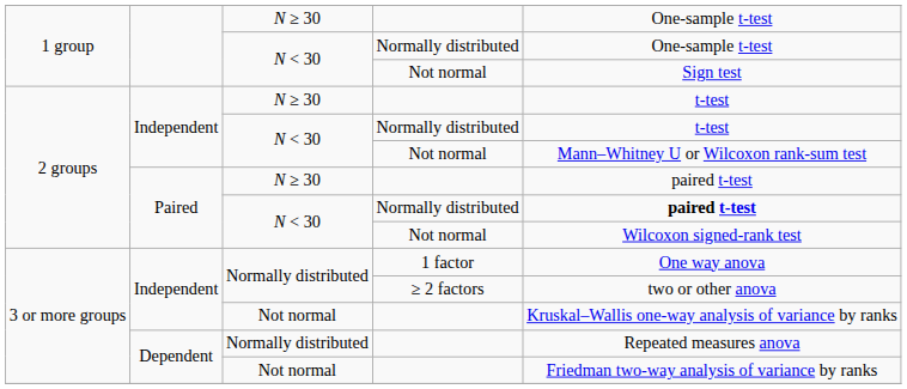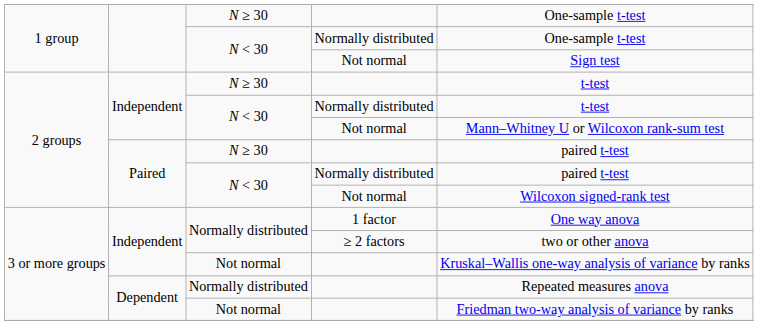 <table class="wikitable">
 <tr>
 </tr>
 <tr>
 <td rowspan="3" align="center">1 group</td>
 <td rowspan="3" align="center"></td>
 <td align="center"><em>N</em> ≥ 30</td>
 <td align="center"></td>
 <td align="center">One-sample <a href='#'>t-test</a></td>
 </tr>
 <tr>
 <td rowspan="2" align="center"><em>N</em> < 30</td>
 <td align="center">Normally distributed</td>
 <td align="center">One-sample <a href='#'>t-test</a></td>
 </tr>
 <tr>
 <td align="center">Not normal</td>
 <td align="center"><a href='#'>Sign test</a></td>
 </tr>
 <tr>
 <td rowspan="6" align="center">2 groups</td>
 <td rowspan="3" align="center">Independent</td>
 <td align="center"><em>N</em> ≥ 30</td>
 <td align="center"></td>
 <td align="center"><a href='#'>t-test</a></td>
 </tr>
 <tr>
 <td rowspan="2" align="center"><em>N</em> < 30</td>
 <td align="center">Normally distributed</td>
 <td align="center"><a href='#'>t-test</a></td>
 </tr>
 <tr>
 <td align="center">Not normal</td>
 <td align="center"><a href='#'>Mann–Whitney U</a> or <a href='#'>Wilcoxon rank-sum test</a></td>
 </tr>
 <tr>
 <td rowspan="3" align="center">Paired</td>
 <td align="center"><em>N</em> ≥ 30</td>
 <td align="center"></td>
 <td align="center">paired <a href='#'>t-test</a></td>
 </tr>
 <tr>
 <td rowspan="2" align="center"><em>N</em> < 30</td>
 <td align="center">Normally distributed</td>
-<td align="center"><strong>paired <a href='#'>t-test</a></strong></td>
+<td align="center">paired <a href='#'>t-test</a></td>
 </tr>
 <tr>
 <td align="center">Not normal</td>
 <td align="center"><a href='#'>Wilcoxon signed-rank test</a></td>
 </tr>
 <tr>
 <td rowspan="5" align="center">3 or more groups</td>
 <td rowspan="3" align="center">Independent</td>
 <td rowspan="2" align="center">Normally distributed</td>
 <td align="center">1 factor</td>
 <td align="center"><a href='#'>One way anova</a></td>
 </tr>
 <tr>
 <td align="center">≥ 2 factors</td>
 <td align="center">two or other <a href='#'>anova</a></td>
 </tr>
 <tr>
 <td align="center">Not normal</td>
 <td align="center"></td>
 <td align="center"><a href='#'>Kruskal–Wallis one-way analysis of variance</a> by ranks</td>
 </tr>
 <tr>
 <td rowspan="2" align="center">Dependent</td>
 <td align="center">Normally distributed</td>
 <td align="center"></td>
 <td align="center">Repeated measures <a href='#'>anova</a></td>
 </tr>
 <tr>
 <td align="center">Not normal</td>
 <td align="center"></td>
 <td align="center"><a href='#'>Friedman two-way analysis of variance</a> by ranks</td>
 </tr>
 <tr>
 </tr>
 </table>
